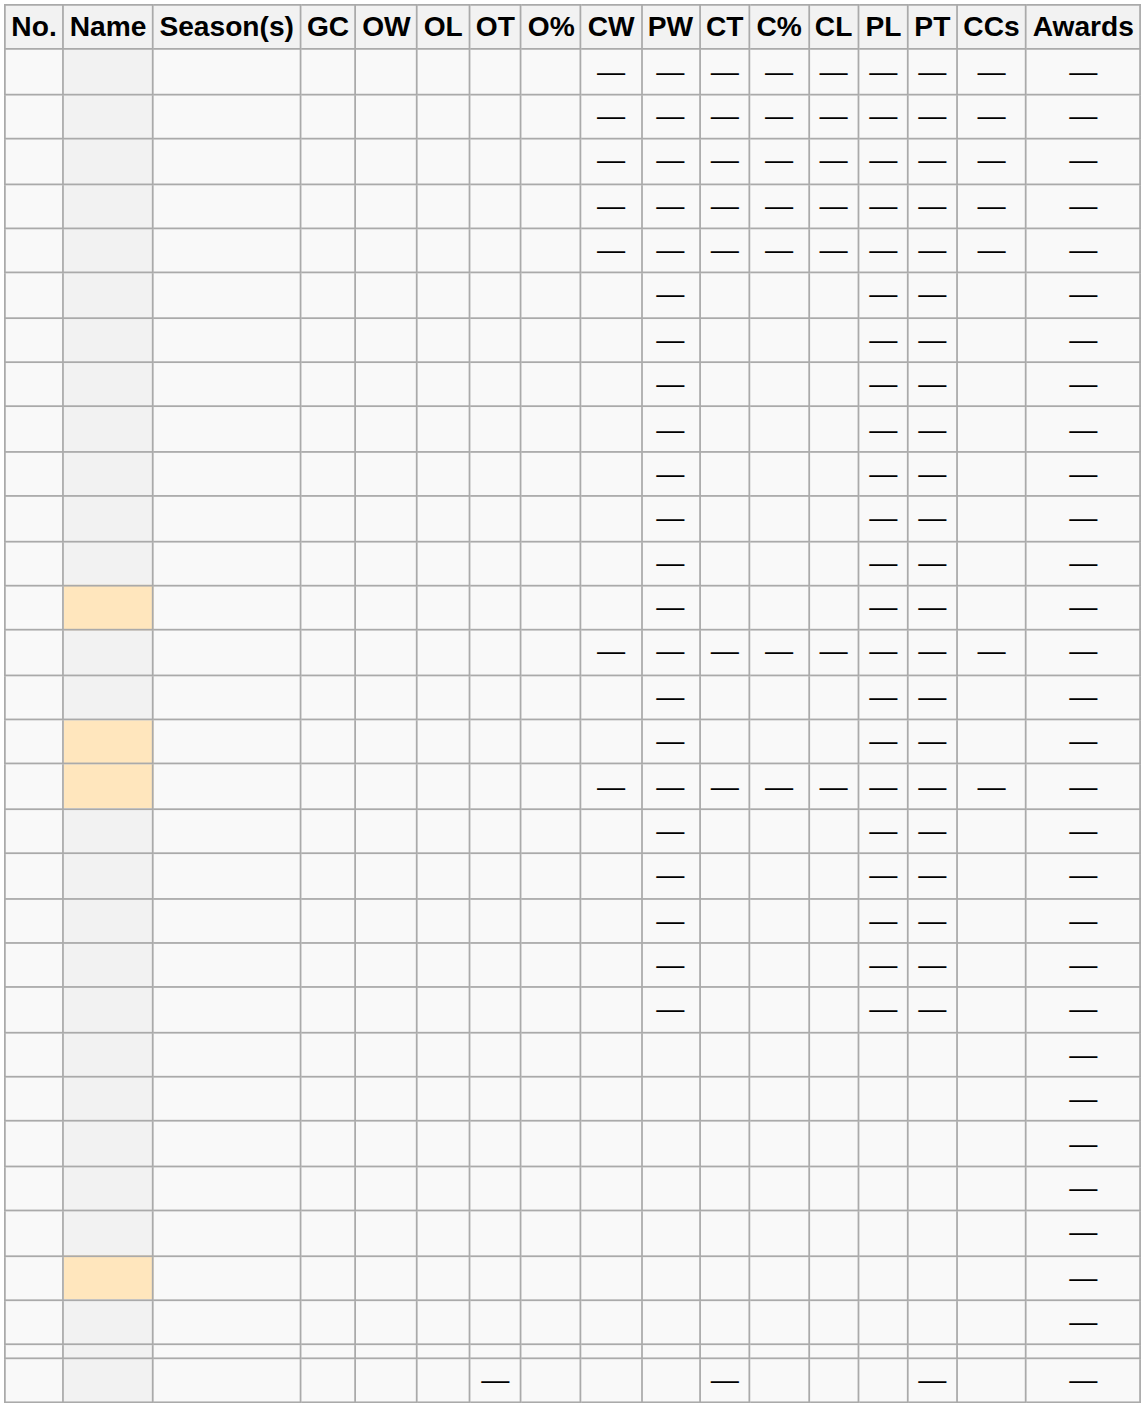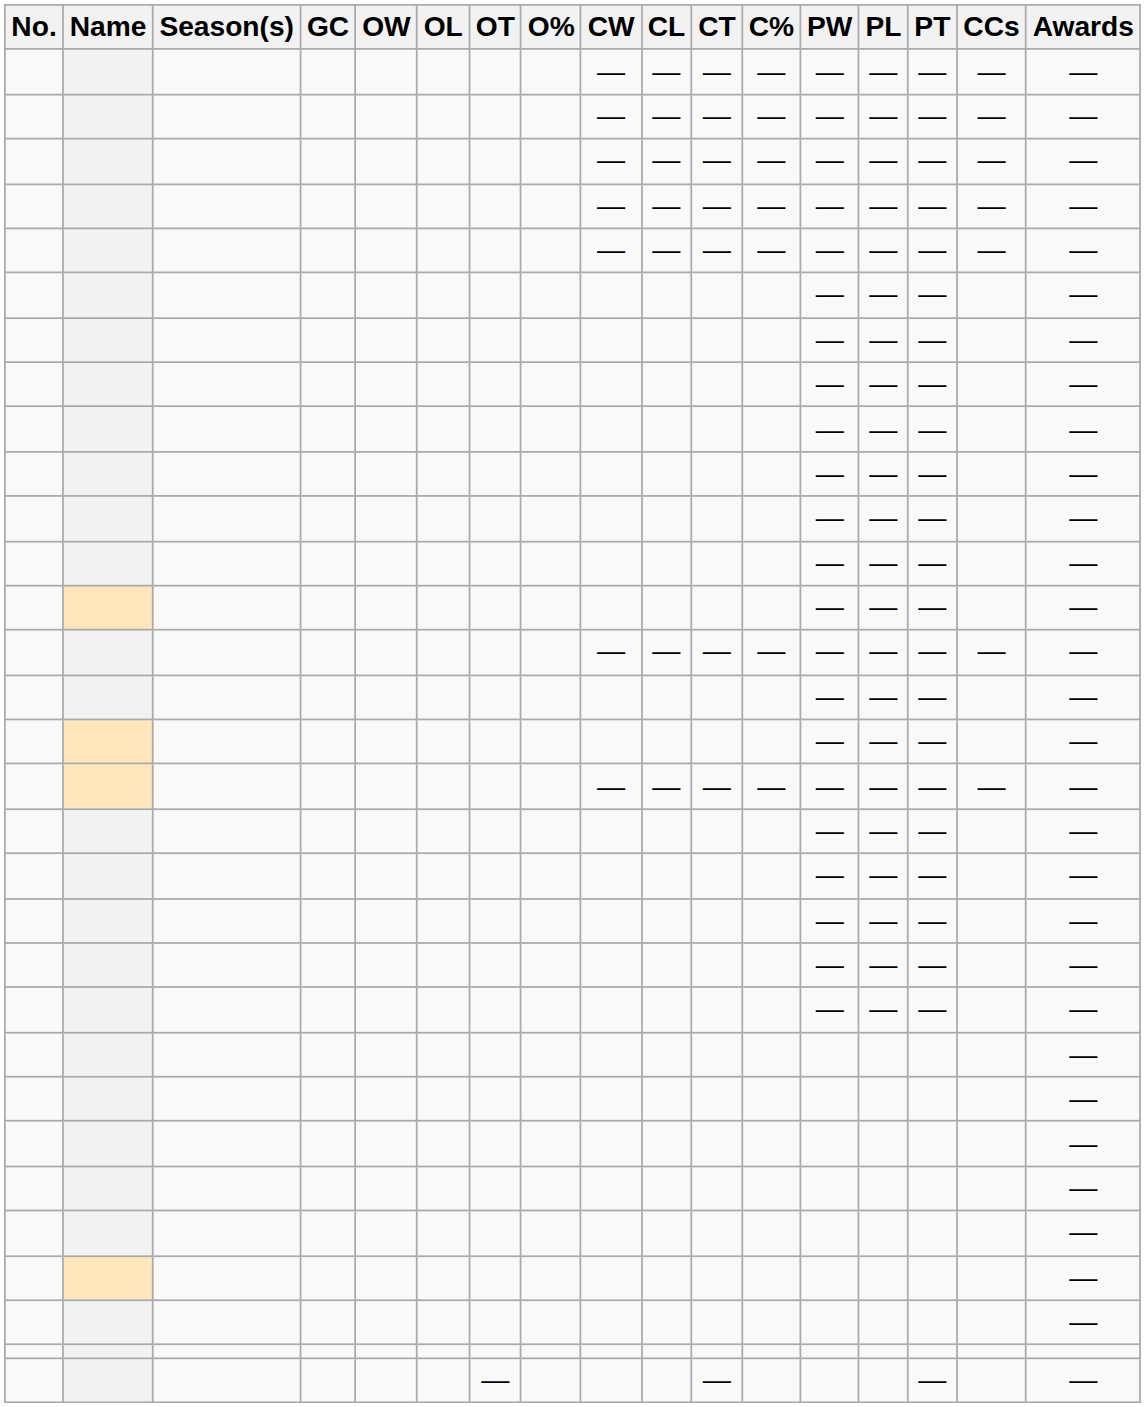 <table class="wikitable sortable" style="text-align:center;">
 <tr>
 <th scope="col" class="unsortable">No.</th>
 <th scope="col">Name</th>
 <th scope="col">Season(s)</th>
 <th scope="col">GC</th>
 <th scope="col">OW</th>
 <th scope="col">OL</th>
 <th scope="col">OT</th>
 <th scope="col">O%</th>
 <th scope="col">CW</th>
-<th scope="col">PW</th>
+<th scope="col">CL</th>
 <th scope="col">CT</th>
 <th scope="col">C%</th>
-<th scope="col">CL</th>
+<th scope="col">PW</th>
 <th scope="col">PL</th>
 <th scope="col">PT</th>
 <th scope="col">CCs</th>
 <th scope="col" class="unsortable">Awards</th>
 </tr>
 <tr>
 <td></td>
 <th scope="row"></th>
 <td></td>
 <td></td>
 <td></td>
 <td></td>
 <td></td>
 <td></td>
 <td>—</td>
 <td>—</td>
 <td>—</td>
 <td>—</td>
 <td>—</td>
 <td>—</td>
 <td>—</td>
 <td>—</td>
 <td>—</td>
 </tr>
 <tr>
 <td></td>
 <th scope="row"></th>
 <td></td>
 <td></td>
 <td></td>
 <td></td>
 <td></td>
 <td></td>
 <td>—</td>
 <td>—</td>
 <td>—</td>
 <td>—</td>
 <td>—</td>
 <td>—</td>
 <td>—</td>
 <td>—</td>
 <td>—</td>
 </tr>
 <tr>
 <td></td>
 <th scope="row"></th>
 <td></td>
 <td></td>
 <td></td>
 <td></td>
 <td></td>
 <td></td>
 <td>—</td>
 <td>—</td>
 <td>—</td>
 <td>—</td>
 <td>—</td>
 <td>—</td>
 <td>—</td>
 <td>—</td>
 <td>—</td>
 </tr>
 <tr>
 <td></td>
 <th scope="row"></th>
 <td></td>
 <td></td>
 <td></td>
 <td></td>
 <td></td>
 <td></td>
 <td>—</td>
 <td>—</td>
 <td>—</td>
 <td>—</td>
 <td>—</td>
 <td>—</td>
 <td>—</td>
 <td>—</td>
 <td>—</td>
 </tr>
 <tr>
 <td></td>
 <th scope="row"></th>
 <td></td>
 <td></td>
 <td></td>
 <td></td>
 <td></td>
 <td></td>
 <td>—</td>
 <td>—</td>
 <td>—</td>
 <td>—</td>
 <td>—</td>
 <td>—</td>
 <td>—</td>
 <td>—</td>
 <td>—</td>
 </tr>
 <tr>
 <td></td>
 <th scope="row"></th>
 <td></td>
 <td></td>
 <td></td>
 <td></td>
 <td></td>
 <td></td>
 <td></td>
-<td>—</td>
 <td></td>
 <td></td>
 <td></td>
+<td>—</td>
 <td>—</td>
 <td>—</td>
 <td></td>
 <td>—</td>
 </tr>
 <tr>
 <td></td>
 <th scope="row"></th>
 <td></td>
 <td></td>
 <td></td>
 <td></td>
 <td></td>
 <td></td>
 <td></td>
-<td>—</td>
 <td></td>
 <td></td>
 <td></td>
+<td>—</td>
 <td>—</td>
 <td>—</td>
 <td></td>
 <td>—</td>
 </tr>
 <tr>
 <td></td>
 <th scope="row"></th>
 <td></td>
 <td></td>
 <td></td>
 <td></td>
 <td></td>
 <td></td>
 <td></td>
-<td>—</td>
 <td></td>
 <td></td>
 <td></td>
+<td>—</td>
 <td>—</td>
 <td>—</td>
 <td></td>
 <td>—</td>
 </tr>
 <tr>
 <td></td>
 <th scope="row"></th>
 <td></td>
 <td></td>
 <td></td>
 <td></td>
 <td></td>
 <td></td>
 <td></td>
-<td>—</td>
 <td></td>
 <td></td>
 <td></td>
+<td>—</td>
 <td>—</td>
 <td>—</td>
 <td></td>
 <td>—</td>
 </tr>
 <tr>
 <td></td>
 <th scope="row"></th>
 <td></td>
 <td></td>
 <td></td>
 <td></td>
 <td></td>
 <td></td>
 <td></td>
-<td>—</td>
 <td></td>
 <td></td>
 <td></td>
+<td>—</td>
 <td>—</td>
 <td>—</td>
 <td></td>
 <td>—</td>
 </tr>
 <tr>
 <td></td>
 <th scope="row"></th>
 <td></td>
 <td></td>
 <td></td>
 <td></td>
 <td></td>
 <td></td>
 <td></td>
-<td>—</td>
 <td></td>
 <td></td>
 <td></td>
+<td>—</td>
 <td>—</td>
 <td>—</td>
 <td></td>
 <td>—</td>
 </tr>
 <tr>
 <td></td>
 <th scope="row"></th>
 <td></td>
 <td></td>
 <td></td>
 <td></td>
 <td></td>
 <td></td>
 <td></td>
-<td>—</td>
 <td></td>
 <td></td>
 <td></td>
+<td>—</td>
 <td>—</td>
 <td>—</td>
 <td></td>
 <td>—</td>
 </tr>
 <tr>
 <td></td>
 <td scope="row" align="center" bgcolor=#FFE6BD><strong></strong><sup></sup></td>
 <td></td>
 <td></td>
 <td></td>
 <td></td>
 <td></td>
 <td></td>
 <td></td>
-<td>—</td>
 <td></td>
 <td></td>
 <td></td>
+<td>—</td>
 <td>—</td>
 <td>—</td>
 <td></td>
 <td>—</td>
 </tr>
 <tr>
 <td></td>
 <th scope="row"></th>
 <td></td>
 <td></td>
 <td></td>
 <td></td>
 <td></td>
 <td></td>
 <td>—</td>
 <td>—</td>
 <td>—</td>
 <td>—</td>
 <td>—</td>
 <td>—</td>
 <td>—</td>
 <td>—</td>
 <td>—</td>
 </tr>
 <tr>
 <td></td>
 <th scope="row"></th>
 <td></td>
 <td></td>
 <td></td>
 <td></td>
 <td></td>
 <td></td>
 <td></td>
-<td>—</td>
 <td></td>
 <td></td>
 <td></td>
+<td>—</td>
 <td>—</td>
 <td>—</td>
 <td></td>
 <td>—</td>
 </tr>
 <tr>
 <td></td>
 <td scope="row" align="center" bgcolor=#FFE6BD><strong></strong><sup></sup></td>
 <td></td>
 <td></td>
 <td></td>
 <td></td>
 <td></td>
 <td></td>
 <td></td>
-<td>—</td>
 <td></td>
 <td></td>
 <td></td>
+<td>—</td>
 <td>—</td>
 <td>—</td>
 <td></td>
 <td>—</td>
 </tr>
 <tr>
 <td></td>
 <td scope="row" align="center" bgcolor=#FFE6BD><strong></strong><sup></sup></td>
 <td></td>
 <td></td>
 <td></td>
 <td></td>
 <td></td>
 <td></td>
 <td>—</td>
 <td>—</td>
 <td>—</td>
 <td>—</td>
 <td>—</td>
 <td>—</td>
 <td>—</td>
 <td>—</td>
 <td>—</td>
 </tr>
 <tr>
 <td></td>
 <th scope="row"></th>
 <td></td>
 <td></td>
 <td></td>
 <td></td>
 <td></td>
 <td></td>
 <td></td>
-<td>—</td>
 <td></td>
 <td></td>
 <td></td>
+<td>—</td>
 <td>—</td>
 <td>—</td>
 <td></td>
 <td>—</td>
 </tr>
 <tr>
 <td></td>
 <th scope="row"></th>
 <td></td>
 <td></td>
 <td></td>
 <td></td>
 <td></td>
 <td></td>
 <td></td>
-<td>—</td>
 <td></td>
 <td></td>
 <td></td>
+<td>—</td>
 <td>—</td>
 <td>—</td>
 <td></td>
 <td>—</td>
 </tr>
 <tr>
 <td></td>
 <th scope="row"></th>
 <td></td>
 <td></td>
 <td></td>
 <td></td>
 <td></td>
 <td></td>
 <td></td>
-<td>—</td>
 <td></td>
 <td></td>
 <td></td>
+<td>—</td>
 <td>—</td>
 <td>—</td>
 <td></td>
 <td>—</td>
 </tr>
 <tr>
 <td></td>
 <th scope="row"></th>
 <td></td>
 <td></td>
 <td></td>
 <td></td>
 <td></td>
 <td></td>
 <td></td>
-<td>—</td>
 <td></td>
 <td></td>
 <td></td>
+<td>—</td>
 <td>—</td>
 <td>—</td>
 <td></td>
 <td>—</td>
 </tr>
 <tr>
 <td></td>
 <th scope="row"></th>
 <td></td>
 <td></td>
 <td></td>
 <td></td>
 <td></td>
 <td></td>
 <td></td>
-<td>—</td>
 <td></td>
 <td></td>
 <td></td>
+<td>—</td>
 <td>—</td>
 <td>—</td>
 <td></td>
 <td>—</td>
 </tr>
 <tr>
 <td></td>
 <th scope="row"></th>
 <td></td>
 <td></td>
 <td></td>
 <td></td>
 <td></td>
 <td></td>
 <td></td>
 <td></td>
 <td></td>
 <td></td>
 <td></td>
 <td></td>
 <td></td>
 <td></td>
 <td>—</td>
 </tr>
 <tr>
 <td></td>
 <th scope="row"></th>
 <td></td>
 <td></td>
 <td></td>
 <td></td>
 <td></td>
 <td></td>
 <td></td>
 <td></td>
 <td></td>
 <td></td>
 <td></td>
 <td></td>
 <td></td>
 <td></td>
 <td>—</td>
 </tr>
 <tr>
 <td></td>
 <th scope="row"></th>
 <td></td>
 <td></td>
 <td></td>
 <td></td>
 <td></td>
 <td></td>
 <td></td>
 <td></td>
 <td></td>
 <td></td>
 <td></td>
 <td></td>
 <td></td>
 <td></td>
 <td>—</td>
 </tr>
 <tr>
 <td></td>
 <th scope="row"></th>
 <td></td>
 <td></td>
 <td></td>
 <td></td>
 <td></td>
 <td></td>
 <td></td>
 <td></td>
 <td></td>
 <td></td>
 <td></td>
 <td></td>
 <td></td>
 <td></td>
 <td>—</td>
 </tr>
 <tr>
 <td></td>
 <th scope="row"></th>
 <td></td>
 <td></td>
 <td></td>
 <td></td>
 <td></td>
 <td></td>
 <td></td>
 <td></td>
 <td></td>
 <td></td>
 <td></td>
 <td></td>
 <td></td>
 <td></td>
 <td>—</td>
 </tr>
 <tr>
 <td></td>
 <td scope="row" align="center" bgcolor=#FFE6BD><strong></strong><sup></sup></td>
 <td></td>
 <td></td>
 <td></td>
 <td></td>
 <td></td>
 <td></td>
 <td></td>
 <td></td>
 <td></td>
 <td></td>
 <td></td>
 <td></td>
 <td></td>
 <td></td>
 <td>—</td>
 </tr>
 <tr>
 <td></td>
 <th scope="row"></th>
 <td></td>
 <td></td>
 <td></td>
 <td></td>
 <td></td>
 <td></td>
 <td></td>
 <td></td>
 <td></td>
 <td></td>
 <td></td>
 <td></td>
 <td></td>
 <td></td>
 <td>—</td>
 </tr>
 <tr>
 <td></td>
 <th scope="row"></th>
 <td></td>
 <td></td>
 <td></td>
 <td></td>
 <td></td>
 <td></td>
 <td></td>
 <td></td>
 <td></td>
 <td></td>
 <td></td>
 <td></td>
 <td></td>
 <td></td>
 <td></td>
 </tr>
 <tr>
 <td></td>
 <th scope="row"></th>
 <td></td>
 <td></td>
 <td></td>
 <td></td>
 <td>—</td>
 <td></td>
 <td></td>
 <td></td>
 <td>—</td>
 <td></td>
 <td></td>
 <td></td>
 <td>—</td>
 <td></td>
 <td>—</td>
 </tr>
 </table>
